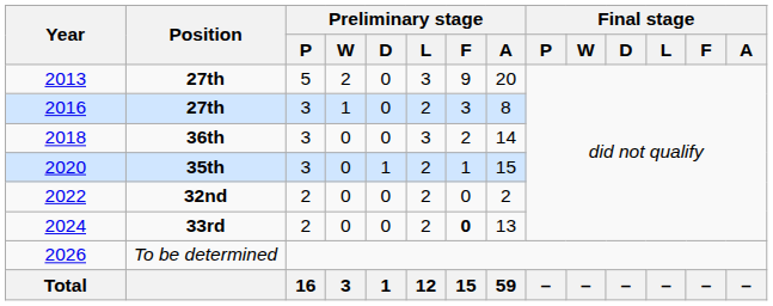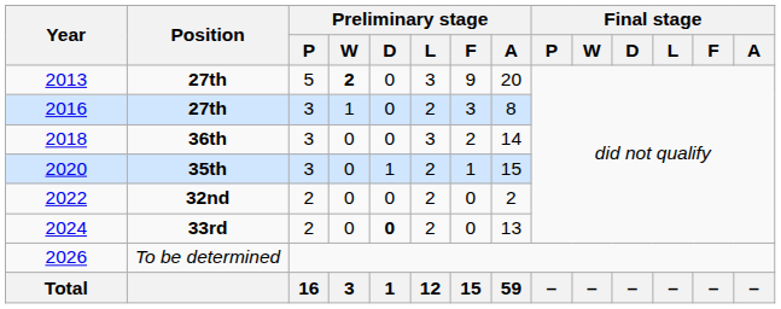 <table class="wikitable" style=text-align:center;">
 <tr>
 </tr>
 <tr>
 <th rowspan="2" width="15%">Year</th>
 <th rowspan="2" width="20%">Position</th>
 <th colspan="6">Preliminary stage</th>
 <th colspan="6">Final stage</th>
 </tr>
 <tr>
 <th width="5%">P</th>
 <th width="5%">W</th>
 <th width="5%">D</th>
 <th width="5%">L</th>
 <th width="5%">F</th>
 <th width="5%">A</th>
 <th width="5%">P</th>
 <th width="5%">W</th>
 <th width="5%">D</th>
 <th width="5%">L</th>
 <th width="5%">F</th>
 <th width="5%">A</th>
 </tr>
 <tr>
 <td> <a href='#'>2013</a></td>
 <td><strong>27th</strong></td>
 <td>5</td>
-<td>2</td>
+<td><strong>2</strong></td>
 <td>0</td>
 <td>3</td>
 <td>9</td>
 <td>20</td>
 <td rowspan=6 colspan=6><em>did not qualify</em></td>
 </tr>
 <tr style="background: #D0E6FF;">
 <td> <a href='#'>2016</a></td>
 <td><strong>27th</strong></td>
 <td>3</td>
 <td>1</td>
 <td>0</td>
 <td>2</td>
 <td>3</td>
 <td>8</td>
 </tr>
 <tr>
 <td> <a href='#'>2018</a></td>
 <td><strong>36th</strong></td>
 <td>3</td>
 <td>0</td>
 <td>0</td>
 <td>3</td>
 <td>2</td>
 <td>14</td>
 </tr>
 <tr style="background: #D0E6FF;">
 <td> <a href='#'>2020</a></td>
 <td><strong>35th</strong></td>
 <td>3</td>
 <td>0</td>
 <td>1</td>
 <td>2</td>
 <td>1</td>
 <td>15</td>
 </tr>
 <tr>
 <td> <a href='#'>2022</a></td>
 <td><strong>32nd</strong></td>
 <td>2</td>
 <td>0</td>
 <td>0</td>
 <td>2</td>
 <td>0</td>
 <td>2</td>
 </tr>
 <tr>
 <td> <a href='#'>2024</a></td>
 <td><strong>33rd</strong></td>
 <td>2</td>
 <td>0</td>
+<td><strong>0</strong></td>
+<td>2</td>
 <td>0</td>
-<td>2</td>
-<td><strong>0</strong></td>
 <td>13</td>
 </tr>
 <tr>
 <td> <a href='#'>2026</a></td>
 <td><em>To be determined</em></td>
 </tr>
 <tr>
 <th>Total</th>
 <th></th>
 <th>16</th>
 <th>3</th>
 <th>1</th>
 <th>12</th>
 <th>15</th>
 <th>59</th>
 <th>–</th>
 <th>–</th>
 <th>–</th>
 <th>–</th>
 <th>–</th>
 <th>–</th>
 </tr>
 </table>
